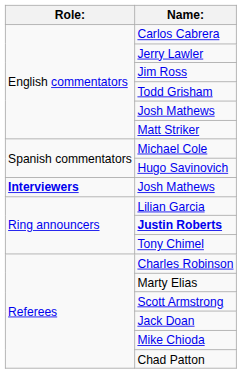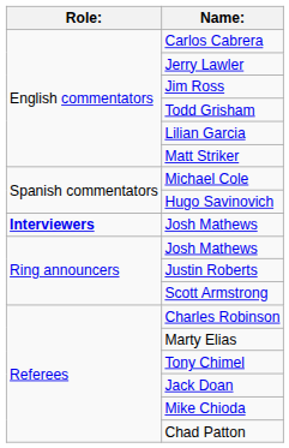 <table class=wikitable style="font-size:90%; margin: 0.5em 0 0.5em 1em; float: right; clear: right;">
 <tr>
 <th>Role:</th>
 <th>Name:</th>
 </tr>
 <tr>
 <td rowspan=6>English <a href='#'>commentators</a></td>
 <td><a href='#'>Carlos Cabrera</a></td>
 </tr>
 <tr>
 <td><a href='#'>Jerry Lawler</a> </td>
 </tr>
 <tr>
 <td><a href='#'>Jim Ross</a> </td>
 </tr>
 <tr>
 <td><a href='#'>Todd Grisham</a> </td>
 </tr>
 <tr>
-<td><a href='#'>Josh Mathews</a> </td>
+<td><a href='#'>Lilian Garcia</a> </td>
 </tr>
 <tr>
 <td><a href='#'>Matt Striker</a> </td>
 </tr>
 <tr>
 <td rowspan=2>Spanish commentators</td>
 <td><a href='#'>Michael Cole</a> </td>
 </tr>
 <tr>
 <td><a href='#'>Hugo Savinovich</a></td>
 </tr>
 <tr>
 <td><strong><a href='#'>Interviewers</a></strong></td>
 <td><a href='#'>Josh Mathews</a></td>
 </tr>
 <tr>
 <td rowspan=3><a href='#'>Ring announcers</a></td>
-<td><a href='#'>Lilian Garcia</a> </td>
+<td><a href='#'>Josh Mathews</a> </td>
 </tr>
 <tr>
-<td><strong><a href='#'>Justin Roberts</a> </strong></td>
+<td><a href='#'>Justin Roberts</a> </td>
 </tr>
 <tr>
-<td><a href='#'>Tony Chimel</a> </td>
+<td><a href='#'>Scott Armstrong</a></td>
 </tr>
 <tr>
 <td rowspan=6><a href='#'>Referees</a></td>
 <td><a href='#'>Charles Robinson</a></td>
 </tr>
 <tr>
 <td>Marty Elias</td>
 </tr>
 <tr>
-<td><a href='#'>Scott Armstrong</a></td>
+<td><a href='#'>Tony Chimel</a> </td>
 </tr>
 <tr>
 <td><a href='#'>Jack Doan</a></td>
 </tr>
 <tr>
 <td><a href='#'>Mike Chioda</a></td>
 </tr>
 <tr>
 <td>Chad Patton</td>
 </tr>
 </table>
